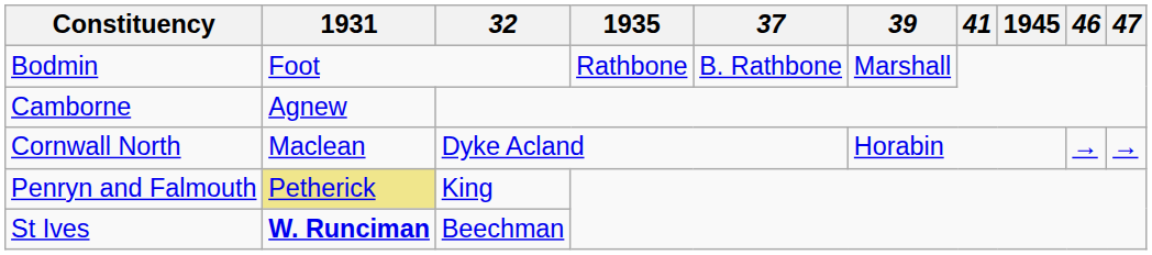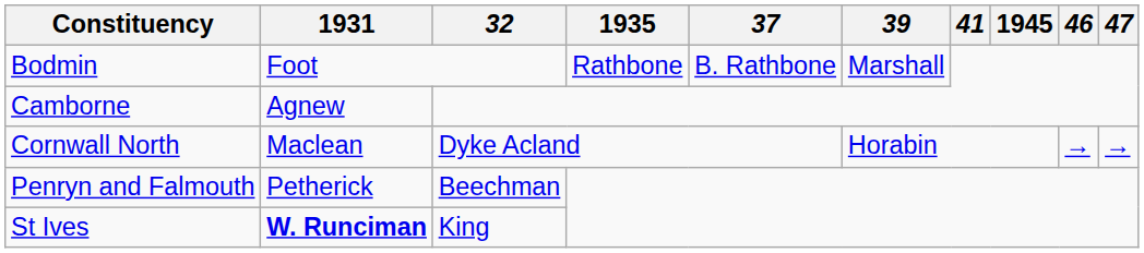 <table class="wikitable">
 <tr>
 <th>Constituency</th>
 <th>1931</th>
 <th><em>32</em></th>
 <th>1935</th>
 <th><em>37</em></th>
 <th><em>39</em></th>
 <th><em>41</em></th>
 <th>1945</th>
 <th><em>46</em></th>
 <th><em>47</em></th>
 </tr>
 <tr>
 <td><a href='#'>Bodmin</a></td>
 <td colspan="2"><a href='#'>Foot</a></td>
 <td><a href='#'>Rathbone</a></td>
 <td><a href='#'>B. Rathbone</a></td>
 <td><a href='#'>Marshall</a></td>
 </tr>
 <tr>
 <td><a href='#'>Camborne</a></td>
 <td><a href='#'>Agnew</a></td>
 </tr>
 <tr>
 <td><a href='#'>Cornwall North</a></td>
 <td><a href='#'>Maclean</a></td>
 <td colspan="3"><a href='#'>Dyke Acland</a></td>
 <td colspan="3"><a href='#'>Horabin</a></td>
 <td><a href='#'>→</a></td>
 <td><a href='#'>→</a></td>
 </tr>
 <tr>
 <td><a href='#'>Penryn and Falmouth</a></td>
-<td style="background: khaki;"><a href='#'>Petherick</a></td>
-<td><a href='#'>King</a></td>
+<td><a href='#'>Petherick</a></td>
+<td><a href='#'>Beechman</a></td>
 </tr>
 <tr>
 <td><a href='#'>St Ives</a></td>
 <td><strong><a href='#'>W. Runciman</a></strong></td>
-<td><a href='#'>Beechman</a></td>
+<td><a href='#'>King</a></td>
 </tr>
 </table>
